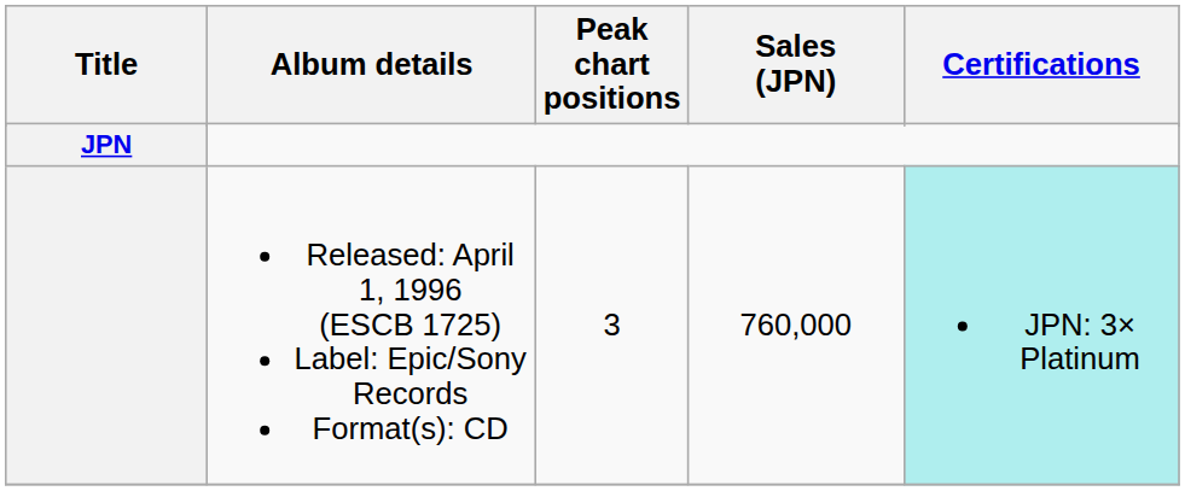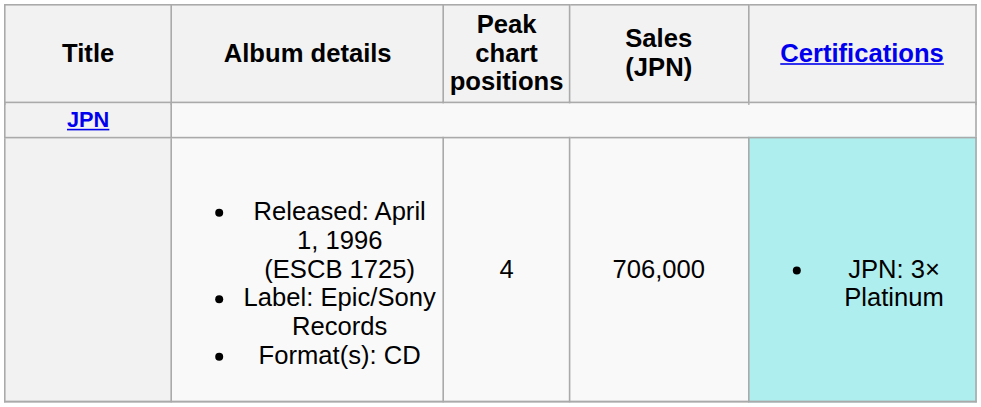 <table class="wikitable plainrowheaders" style="text-align:center;" border="1">
 <tr>
 <th scope="col" rowspan="2" style="width:15em;">Title</th>
 <th scope="col" rowspan="2" style="width:17em;">Album details</th>
 <th colspan="1">Peak chart positions</th>
 <th scope="col" rowspan="2" style="width:13em;">Sales<br>(JPN)<br></th>
 <th scope="col" rowspan="2" style="width:13em;"><a href='#'>Certifications</a></th>
 </tr>
 <tr>
 </tr>
 <tr>
 <th style="width:3em;font-size:85%"><a href='#'>JPN</a><br></th>
 </tr>
 <tr>
 <th scope="row"></th>
 <td><br><ul><li>Released: April 1, 1996<br><span>(ESCB 1725)</span></li><li>Label: Epic/Sony Records</li><li>Format(s): CD</li></ul></td>
-<td>3</td>
-<td>760,000</td>
+<td>4</td>
+<td>706,000</td>
 <td style="background: paleturquoise;"><br><ul><li>JPN: 3× Platinum</li></ul></td>
 </tr>
 <tr>
 </tr>
 </table>
